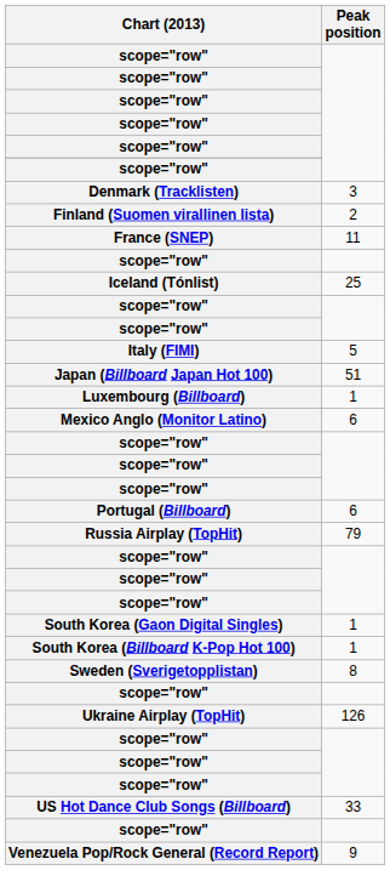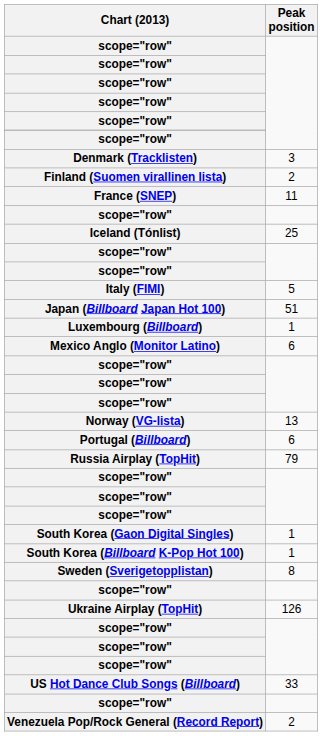 <table class="wikitable sortable plainrowheaders">
 <tr>
 <th>Chart (2013)</th>
 <th>Peak<br>position</th>
 </tr>
 <tr>
 <th>scope="row" </th>
 </tr>
 <tr>
 <th>scope="row" </th>
 </tr>
 <tr>
 <th>scope="row" </th>
 </tr>
 <tr>
 <th>scope="row" </th>
 </tr>
 <tr>
 <th>scope="row" </th>
 </tr>
 <tr>
 </tr>
 <tr>
 <th>scope="row" </th>
 </tr>
 <tr>
 <th scope="row">Denmark (<a href='#'>Tracklisten</a>)</th>
 <td style="text-align:center">3</td>
 </tr>
 <tr>
 <th scope="row">Finland (<a href='#'>Suomen virallinen lista</a>)</th>
 <td style="text-align:center">2</td>
 </tr>
 <tr>
 <th scope="row">France (<a href='#'>SNEP</a>)</th>
 <td style="text-align:center">11</td>
 </tr>
 <tr>
 <th>scope="row" </th>
 </tr>
 <tr>
 <th scope="row">Iceland (Tónlist)</th>
 <td style="text-align:center">25</td>
 </tr>
 <tr>
 <th>scope="row" </th>
 </tr>
 <tr>
 <th>scope="row" </th>
 </tr>
 <tr>
 <th scope="row">Italy (<a href='#'>FIMI</a>)</th>
 <td style="text-align:center">5</td>
 </tr>
 <tr>
 <th scope="row">Japan (<em><a href='#'>Billboard</a></em> <a href='#'>Japan Hot 100</a>)</th>
 <td style="text-align:center">51</td>
 </tr>
 <tr>
 <th scope="row">Luxembourg (<em><a href='#'>Billboard</a></em>)</th>
 <td style="text-align:center;">1</td>
 </tr>
 <tr>
 <th scope="row">Mexico Anglo (<a href='#'>Monitor Latino</a>)</th>
 <td style="text-align:center">6</td>
 </tr>
 <tr>
 <th>scope="row" </th>
 </tr>
 <tr>
 <th>scope="row" </th>
 </tr>
 <tr>
 <th>scope="row" </th>
 </tr>
 <tr>
+<th scope="row">Norway (<a href='#'>VG-lista</a>)</th>
+<td style="text-align:center">13</td>
+</tr>
+<tr>
 <th scope="row">Portugal (<em><a href='#'>Billboard</a></em>)</th>
 <td style="text-align:center;">6</td>
 </tr>
 <tr>
 <th scope="row">Russia Airplay (<a href='#'>TopHit</a>)</th>
 <td style="text-align:center">79</td>
 </tr>
 <tr>
 <th>scope="row" </th>
 </tr>
 <tr>
 <th>scope="row" </th>
 </tr>
 <tr>
 <th>scope="row" </th>
 </tr>
 <tr>
 <th scope="row">South Korea (<a href='#'>Gaon Digital Singles</a>)</th>
 <td style="text-align:center">1</td>
 </tr>
 <tr>
 <th scope="row">South Korea (<em><a href='#'>Billboard</a></em> <a href='#'>K-Pop Hot 100</a>)</th>
 <td style="text-align:center">1</td>
 </tr>
 <tr>
 <th scope="row">Sweden (<a href='#'>Sverigetopplistan</a>)</th>
 <td style="text-align:center">8</td>
 </tr>
 <tr>
 <th>scope="row" </th>
 </tr>
 <tr>
 <th scope="row">Ukraine Airplay (<a href='#'>TopHit</a>)</th>
 <td style="text-align:center">126</td>
 </tr>
 <tr>
 <th>scope="row" </th>
 </tr>
 <tr>
 <th>scope="row"  </th>
 </tr>
 <tr>
 <th>scope="row" </th>
 </tr>
 <tr>
 <th scope="row">US <a href='#'>Hot Dance Club Songs</a> (<em><a href='#'>Billboard</a></em>)</th>
 <td style="text-align:center;">33</td>
 </tr>
 <tr>
 <th>scope="row" </th>
 </tr>
 <tr>
 <th scope="row">Venezuela Pop/Rock General (<a href='#'>Record Report</a>)</th>
-<td style="text-align:center">9</td>
+<td style="text-align:center">2</td>
 </tr>
 </table>
